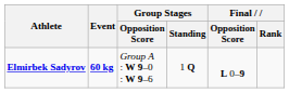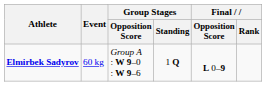 <table class=wikitable style=font-size:90%;text-align:center>
 <tr>
 <th rowspan=2>Athlete</th>
 <th rowspan=2>Event</th>
 <th colspan=2>Group Stages</th>
 <th colspan=2>Final /  / </th>
 </tr>
 <tr style="font-size:95%">
 <th>Opposition<br>Score</th>
 <th>Standing</th>
 <th>Opposition<br>Score</th>
 <th>Rank</th>
 </tr>
 <tr>
 <td align=left><strong><a href='#'>Elmirbek Sadyrov</a></strong></td>
-<td align=left><strong><a href='#'>60 kg</a></strong></td>
+<td align=left><a href='#'>60 kg</a></td>
 <td align=left><em>Group A</em><br>: <strong>W</strong> <strong>9</strong>–0<br>: <strong>W</strong> <strong>9</strong>–6</td>
 <td>1 <strong>Q</strong></td>
 <td><br> <strong>L</strong> 0–<strong>9</strong></td>
 <td></td>
 </tr>
 </table>
